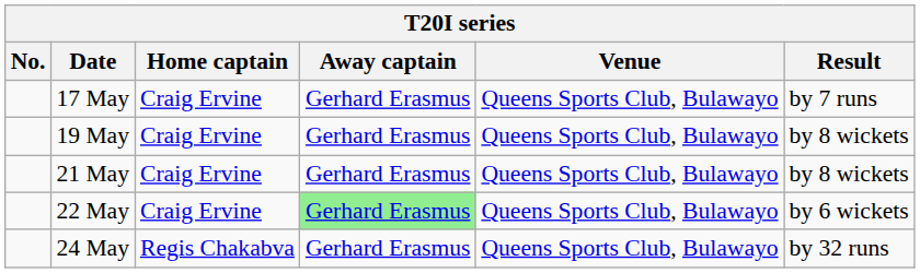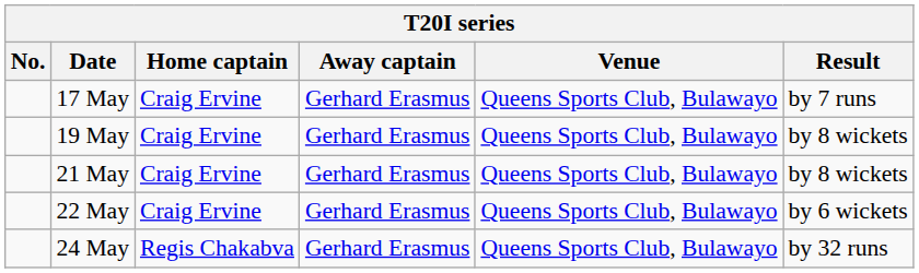 <table class="wikitable">
 <tr>
 <th colspan="9">T20I series</th>
 </tr>
 <tr>
 <th>No.</th>
 <th>Date</th>
 <th>Home captain</th>
 <th>Away captain</th>
 <th>Venue</th>
 <th>Result</th>
 </tr>
 <tr>
 <td></td>
 <td>17 May</td>
 <td><a href='#'>Craig Ervine</a></td>
 <td><a href='#'>Gerhard Erasmus</a></td>
 <td><a href='#'>Queens Sports Club</a>, <a href='#'>Bulawayo</a></td>
 <td> by 7 runs</td>
 </tr>
 <tr>
 <td></td>
 <td>19 May</td>
 <td><a href='#'>Craig Ervine</a></td>
 <td><a href='#'>Gerhard Erasmus</a></td>
 <td><a href='#'>Queens Sports Club</a>, <a href='#'>Bulawayo</a></td>
 <td> by 8 wickets</td>
 </tr>
 <tr>
 <td></td>
 <td>21 May</td>
 <td><a href='#'>Craig Ervine</a></td>
 <td><a href='#'>Gerhard Erasmus</a></td>
 <td><a href='#'>Queens Sports Club</a>, <a href='#'>Bulawayo</a></td>
 <td> by 8 wickets</td>
 </tr>
 <tr>
 <td></td>
 <td>22 May</td>
 <td><a href='#'>Craig Ervine</a></td>
-<td style="background: lightgreen;"><a href='#'>Gerhard Erasmus</a></td>
+<td><a href='#'>Gerhard Erasmus</a></td>
 <td><a href='#'>Queens Sports Club</a>, <a href='#'>Bulawayo</a></td>
 <td> by 6 wickets</td>
 </tr>
 <tr>
 <td></td>
 <td>24 May</td>
 <td><a href='#'>Regis Chakabva</a></td>
 <td><a href='#'>Gerhard Erasmus</a></td>
 <td><a href='#'>Queens Sports Club</a>, <a href='#'>Bulawayo</a></td>
 <td> by 32 runs</td>
 </tr>
 </table>
